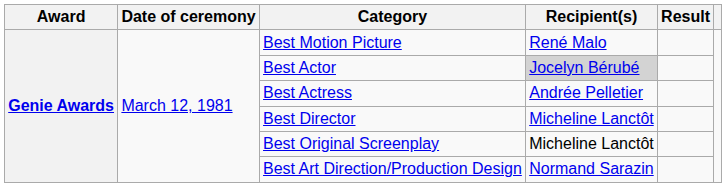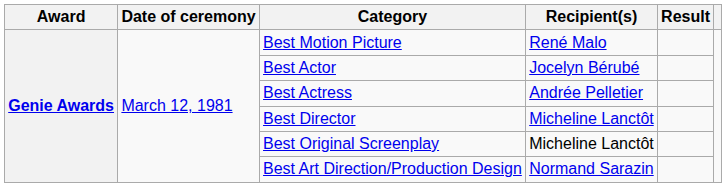 <table class="wikitable plainrowheaders sortable">
 <tr>
 <th scope="col">Award</th>
 <th scope="col">Date of ceremony</th>
 <th scope="col">Category</th>
 <th scope="col">Recipient(s)</th>
 <th scope="col">Result</th>
 <th scope="col" class="unsortable"></th>
 </tr>
 <tr>
 <th scope="row" rowspan=6><a href='#'>Genie Awards</a></th>
 <td rowspan="6"><a href='#'>March 12, 1981</a></td>
 <td><a href='#'>Best Motion Picture</a></td>
 <td><a href='#'>René Malo</a></td>
 <td></td>
 <td rowspan="6"></td>
 </tr>
 <tr>
 <td><a href='#'>Best Actor</a></td>
-<td style="background: lightgrey;"><a href='#'>Jocelyn Bérubé</a></td>
+<td><a href='#'>Jocelyn Bérubé</a></td>
 <td></td>
 </tr>
 <tr>
 <td><a href='#'>Best Actress</a></td>
 <td><a href='#'>Andrée Pelletier</a></td>
 <td></td>
 </tr>
 <tr>
 <td><a href='#'>Best Director</a></td>
 <td><a href='#'>Micheline Lanctôt</a></td>
 <td></td>
 </tr>
 <tr>
 <td><a href='#'>Best Original Screenplay</a></td>
 <td>Micheline Lanctôt</td>
 <td></td>
 </tr>
 <tr>
 <td><a href='#'>Best Art Direction/Production Design</a></td>
 <td><a href='#'>Normand Sarazin</a></td>
 <td></td>
 </tr>
 </table>
